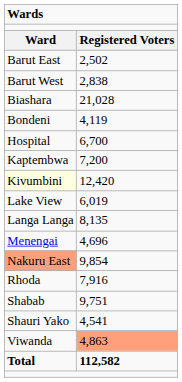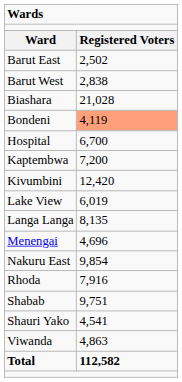 <table class="wikitable">
 <tr>
 <td colspan="2"><strong>Wards</strong></td>
 </tr>
 <tr>
 <td colspan="2"></td>
 </tr>
 <tr>
 <th>Ward</th>
 <th>Registered Voters</th>
 </tr>
 <tr>
 <td>Barut East</td>
 <td>2,502</td>
 </tr>
 <tr>
 <td>Barut West</td>
 <td>2,838</td>
 </tr>
 <tr>
 <td>Biashara</td>
 <td>21,028</td>
 </tr>
 <tr>
 <td>Bondeni</td>
-<td>4,119</td>
+<td style="background: lightsalmon;">4,119</td>
 </tr>
 <tr>
 <td>Hospital</td>
 <td>6,700</td>
 </tr>
 <tr>
 <td>Kaptembwa</td>
 <td>7,200</td>
 </tr>
 <tr>
-<td style="background: lightyellow;">Kivumbini</td>
+<td>Kivumbini</td>
 <td>12,420</td>
 </tr>
 <tr>
 <td>Lake View</td>
 <td>6,019</td>
 </tr>
 <tr>
 <td>Langa Langa</td>
 <td>8,135</td>
 </tr>
 <tr>
 <td><a href='#'>Menengai</a></td>
 <td>4,696</td>
 </tr>
 <tr>
-<td style="background: lightsalmon;">Nakuru East</td>
+<td>Nakuru East</td>
 <td>9,854</td>
 </tr>
 <tr>
 <td>Rhoda</td>
 <td>7,916</td>
 </tr>
 <tr>
 <td>Shabab</td>
 <td>9,751</td>
 </tr>
 <tr>
 <td>Shauri Yako</td>
 <td>4,541</td>
 </tr>
 <tr>
 <td>Viwanda</td>
-<td style="background: lightsalmon;">4,863</td>
+<td>4,863</td>
 </tr>
 <tr>
 <td><strong>Total</strong></td>
 <td><strong>112,582</strong></td>
 </tr>
 <tr>
 <td colspan="2"></td>
 </tr>
 </table>
